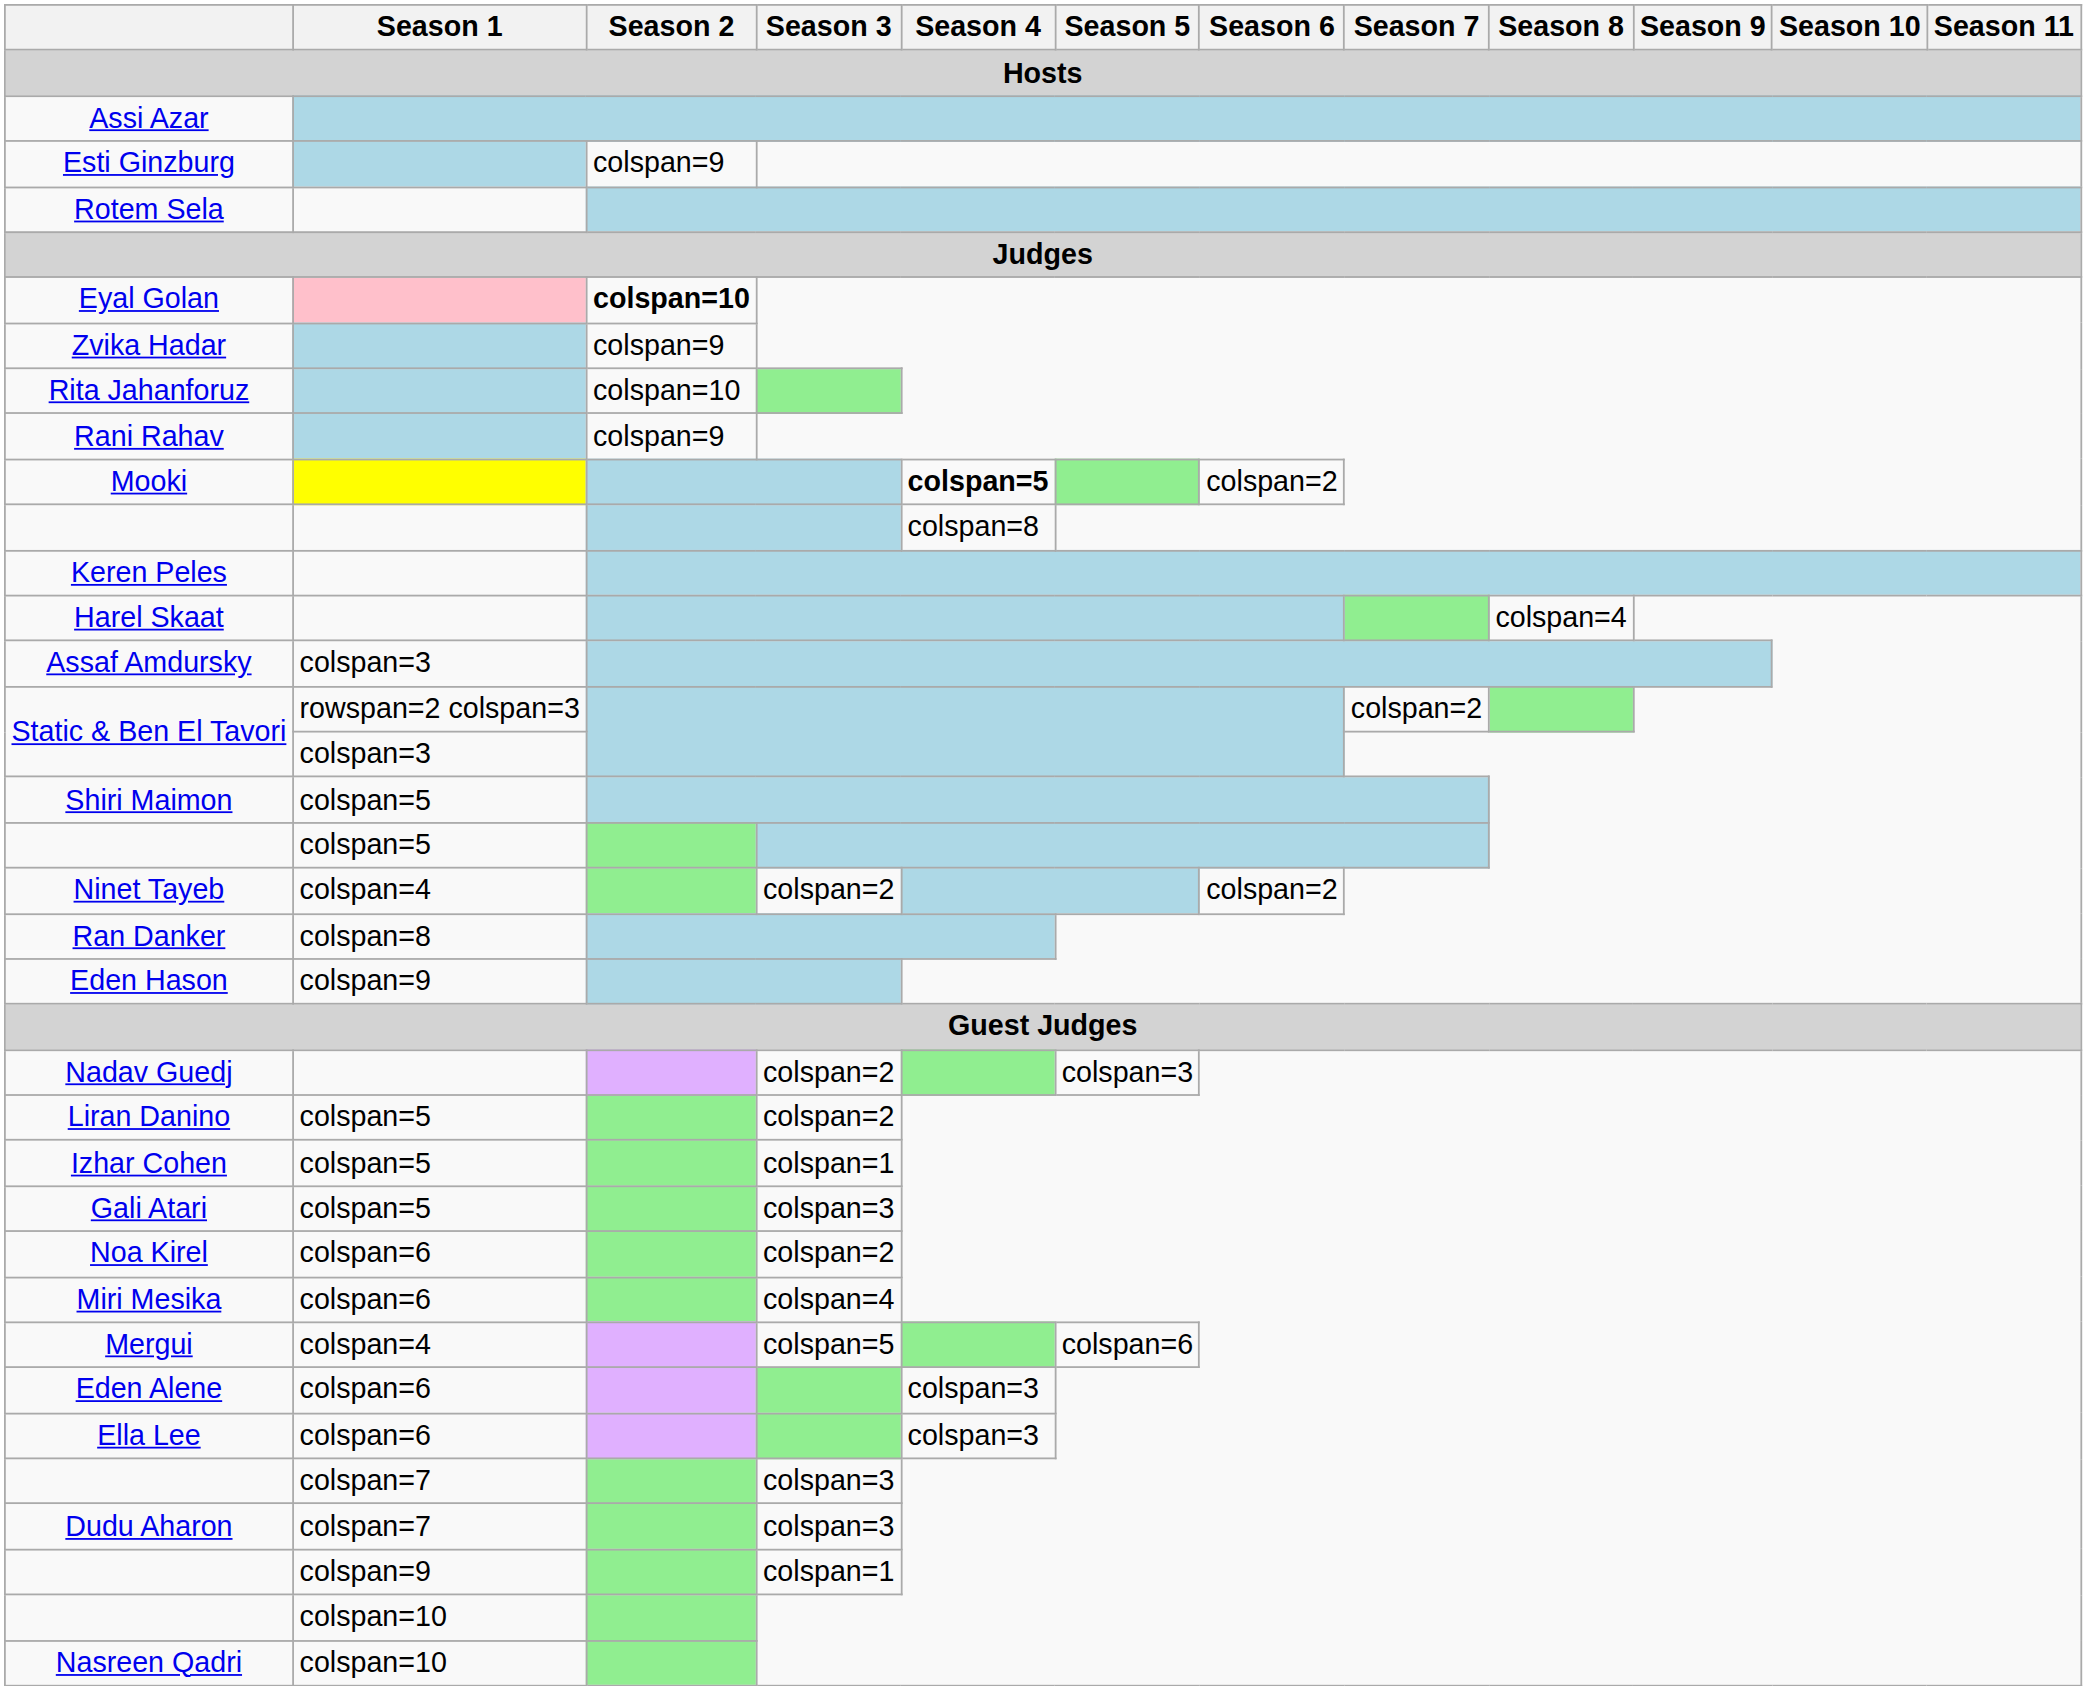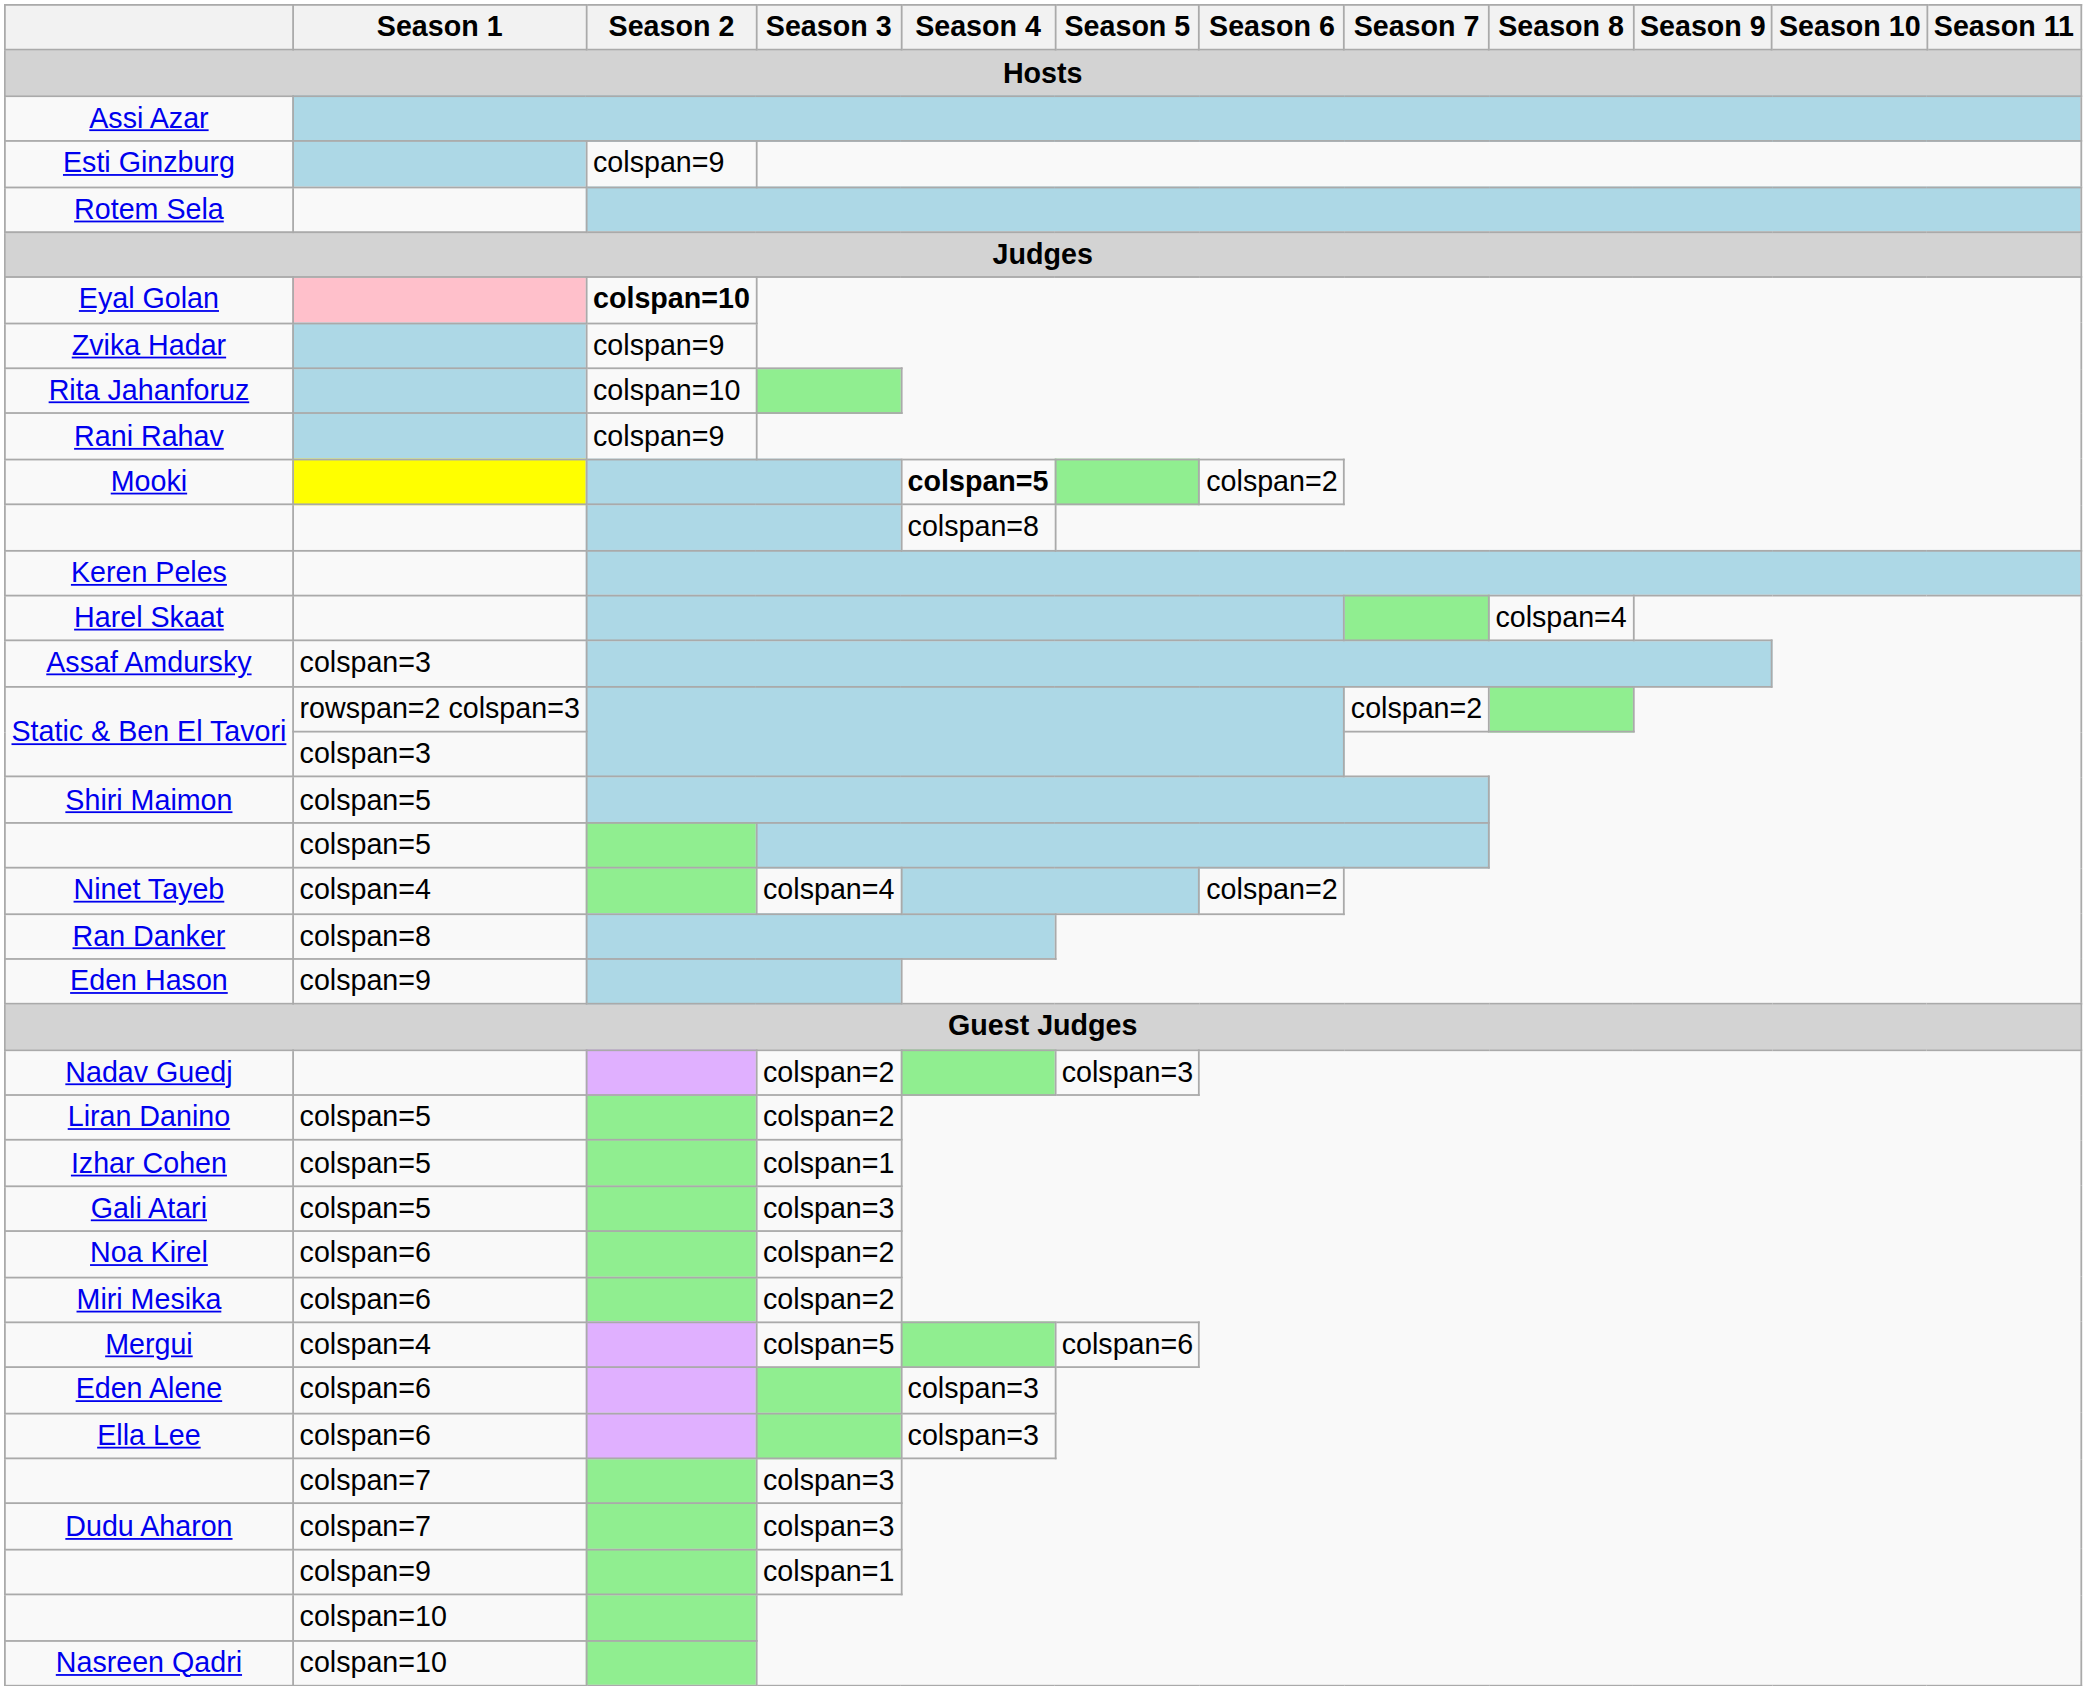 <table class="wikitable">
 <tr>
 <th></th>
 <th>Season 1</th>
 <th>Season 2</th>
 <th>Season 3</th>
 <th>Season 4</th>
 <th>Season 5</th>
 <th>Season 6</th>
 <th>Season 7</th>
 <th>Season 8</th>
 <th>Season 9</th>
 <th>Season 10</th>
 <th>Season 11</th>
 </tr>
 <tr>
 <th colspan="12" style="background:lightgray">Hosts</th>
 </tr>
 <tr>
 <td style="text-align: center;"><a href='#'>Assi Azar</a></td>
 <td colspan=11 style="background:lightblue"></td>
 </tr>
 <tr>
 <td style="text-align: center;"><a href='#'>Esti Ginzburg</a></td>
 <td style="background:lightblue"></td>
 <td>colspan=9 </td>
 </tr>
 <tr>
 <td style="text-align: center;"><a href='#'>Rotem Sela</a></td>
 <td></td>
 <td colspan=10 style="background:lightblue"></td>
 </tr>
 <tr>
 <th colspan="12" style="background:lightgray">Judges</th>
 </tr>
 <tr>
 <td style="text-align: center;"><a href='#'>Eyal Golan</a></td>
 <td style="background:pink"></td>
 <td><strong>colspan=10 </strong></td>
 </tr>
 <tr>
 <td style="text-align: center;"><a href='#'>Zvika Hadar</a></td>
 <td style="background:lightblue"></td>
 <td>colspan=9 </td>
 </tr>
 <tr>
 <td style="text-align: center;"><a href='#'>Rita Jahanforuz</a></td>
 <td style="background:lightblue"></td>
 <td>colspan=10 </td>
 <td style="background:lightgreen"></td>
 </tr>
 <tr>
 <td style="text-align: center;"><a href='#'>Rani Rahav</a></td>
 <td style="background:lightblue"></td>
 <td>colspan=9 </td>
 </tr>
 <tr>
 <td style="text-align: center;"><a href='#'>Mooki</a></td>
 <td style="background:yellow"></td>
 <td colspan=2 style="background:lightblue"></td>
 <td><strong>colspan=5 </strong></td>
 <td style="background:lightgreen"></td>
 <td>colspan=2 </td>
 </tr>
 <tr>
 <td style="text-align: center;"></td>
 <td></td>
 <td colspan=2 style="background:lightblue"></td>
 <td>colspan=8 </td>
 </tr>
 <tr>
 <td style="text-align: center;"><a href='#'>Keren Peles</a></td>
 <td></td>
 <td colspan=10 style="background:lightblue"></td>
 </tr>
 <tr>
 <td style="text-align: center;"><a href='#'>Harel Skaat</a></td>
 <td></td>
 <td colspan=5 style="background:lightblue"></td>
 <td style="background:lightgreen"></td>
 <td>colspan=4 </td>
 </tr>
 <tr>
 <td style="text-align: center;"><a href='#'>Assaf Amdursky</a></td>
 <td>colspan=3 </td>
 <td colspan=8 style="background:lightblue"></td>
 </tr>
 <tr>
 <td rowspan=2 style="text-align: center;"><a href='#'>Static & Ben El Tavori</a></td>
 <td>rowspan=2 colspan=3 </td>
 <td rowspan=2 colspan=5 style="background:lightblue"></td>
 <td>colspan=2 </td>
 <td style="background:lightgreen"></td>
 </tr>
 <tr>
 <td>colspan=3 </td>
 </tr>
 <tr>
 <td style="text-align: center;"><a href='#'>Shiri Maimon</a></td>
 <td>colspan=5 </td>
 <td colspan=6 style="background:lightblue"></td>
 </tr>
 <tr>
 <td style="text-align: center;"></td>
 <td>colspan=5 </td>
 <td style="background:lightgreen"></td>
 <td colspan=5 style="background:lightblue"></td>
 </tr>
 <tr>
 <td style="text-align: center;"><a href='#'>Ninet Tayeb</a></td>
 <td>colspan=4 </td>
 <td style="background:lightgreen"></td>
-<td>colspan=2 </td>
+<td>colspan=4 </td>
 <td colspan=2 style="background:lightblue"></td>
 <td>colspan=2 </td>
 </tr>
 <tr>
 <td style="text-align: center;"><a href='#'>Ran Danker</a></td>
 <td>colspan=8 </td>
 <td colspan=3 style="background:lightblue"></td>
 </tr>
 <tr>
 <td style="text-align: center;"><a href='#'>Eden Hason</a></td>
 <td>colspan=9 </td>
 <td colspan=2 style="background:lightblue"></td>
 </tr>
 <tr>
 <th colspan="12" style="background:lightgray">Guest Judges</th>
 </tr>
 <tr>
 <td style="text-align: center;"><a href='#'>Nadav Guedj</a></td>
 <td></td>
 <td style="background:#E0B0FF"></td>
 <td>colspan=2 </td>
 <td style="background:lightgreen"></td>
 <td>colspan=3 </td>
 </tr>
 <tr>
 <td style="text-align: center;"><a href='#'>Liran Danino</a></td>
 <td>colspan=5 </td>
 <td style="background:lightgreen"></td>
 <td>colspan=2 </td>
 </tr>
 <tr>
 <td style="text-align: center;"><a href='#'>Izhar Cohen</a></td>
 <td>colspan=5 </td>
 <td style="background:lightgreen"></td>
 <td>colspan=1 </td>
 </tr>
 <tr>
 <td style="text-align: center;"><a href='#'>Gali Atari</a></td>
 <td>colspan=5 </td>
 <td style="background:lightgreen"></td>
 <td>colspan=3 </td>
 </tr>
 <tr>
 <td style="text-align: center;"><a href='#'>Noa Kirel</a></td>
 <td>colspan=6 </td>
 <td style="background:lightgreen"></td>
 <td>colspan=2 </td>
 </tr>
 <tr>
 <td style="text-align: center;"><a href='#'>Miri Mesika</a></td>
 <td>colspan=6 </td>
 <td style="background:lightgreen"></td>
-<td>colspan=4 </td>
+<td>colspan=2 </td>
 </tr>
 <tr>
 <td style="text-align: center;"><a href='#'>Mergui</a></td>
 <td>colspan=4 </td>
 <td style="background:#E0B0FF"></td>
 <td>colspan=5 </td>
 <td style="background:lightgreen"></td>
 <td>colspan=6 </td>
 </tr>
 <tr>
 <td style="text-align: center;"><a href='#'>Eden Alene</a></td>
 <td>colspan=6 </td>
 <td style="background:#E0B0FF"></td>
 <td style="background:lightgreen"></td>
 <td>colspan=3 </td>
 </tr>
 <tr>
 <td style="text-align: center;"><a href='#'>Ella Lee</a></td>
 <td>colspan=6 </td>
 <td style="background:#E0B0FF"></td>
 <td style="background:lightgreen"></td>
 <td>colspan=3 </td>
 </tr>
 <tr>
 <td style="text-align: center;"></td>
 <td>colspan=7 </td>
 <td style="background:lightgreen"></td>
 <td>colspan=3 </td>
 </tr>
 <tr>
 <td style="text-align: center;"><a href='#'>Dudu Aharon</a></td>
 <td>colspan=7 </td>
 <td style="background:lightgreen"></td>
 <td>colspan=3 </td>
 </tr>
 <tr>
 <td style="text-align: center;"></td>
 <td>colspan=9 </td>
 <td style="background:lightgreen"></td>
 <td>colspan=1 </td>
 </tr>
 <tr>
 <td style="text-align: center;"></td>
 <td>colspan=10 </td>
 <td style="background:lightgreen"></td>
 </tr>
 <tr>
 <td style="text-align: center;"><a href='#'>Nasreen Qadri</a></td>
 <td>colspan=10 </td>
 <td style="background:lightgreen"></td>
 </tr>
 </table>
